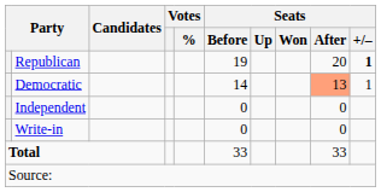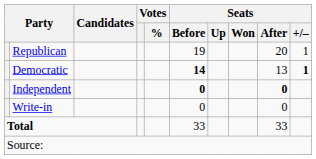 <table class="wikitable">
 <tr>
 <th colspan="2" rowspan="2">Party</th>
 <th rowspan="2">Candidates</th>
 <th colspan="2">Votes</th>
 <th colspan="5">Seats</th>
 </tr>
 <tr>
 <th></th>
 <th>%</th>
 <th>Before</th>
 <th>Up</th>
 <th>Won</th>
 <th>After</th>
 <th>+/–</th>
 </tr>
 <tr>
 <th style="background-color:"></th>
 <td><a href='#'>Republican</a></td>
 <td align="right"></td>
 <td align="right"></td>
 <td align="right"></td>
 <td align="right">19</td>
 <td align="right"></td>
 <td align="right"></td>
 <td align="right">20</td>
-<td align="right"><strong> 1</strong></td>
+<td align="right"> 1</td>
 </tr>
 <tr>
 <th style="background-color:"></th>
 <td><a href='#'>Democratic</a></td>
 <td align="right"></td>
 <td align="right"></td>
 <td align="right"></td>
-<td align="right">14</td>
+<td align="right"><strong>14</strong></td>
 <td align="right"></td>
 <td align="right"></td>
-<td align="right" style="background: lightsalmon;">13</td>
-<td align="right"> 1</td>
+<td align="right">13</td>
+<td align="right"><strong> 1</strong></td>
 </tr>
 <tr>
 <th style="background-color:"></th>
 <td><a href='#'>Independent</a></td>
 <td align="right"></td>
 <td align="right"></td>
 <td align="right"></td>
-<td align="right">0</td>
+<td align="right"><strong>0</strong></td>
 <td align="right"></td>
 <td align="right"></td>
-<td align="right">0</td>
+<td align="right"><strong>0</strong></td>
 <td align="right"></td>
 </tr>
 <tr>
 <th style="background-color:"></th>
 <td><a href='#'>Write-in</a></td>
 <td align="right"></td>
 <td align="right"></td>
 <td align="right"></td>
 <td align="right">0</td>
 <td align="right"></td>
 <td align="right"></td>
 <td align="right">0</td>
 <td align="right"></td>
 </tr>
 <tr>
 <td colspan="3" align="left"><strong>Total</strong></td>
 <td align="right"></td>
 <td align="right"></td>
 <td align="right">33</td>
 <td align="right"></td>
 <td align="right"></td>
 <td align="right">33</td>
 <td align="right"></td>
 </tr>
 <tr>
 <td colspan="10">Source: </td>
 </tr>
 </table>
